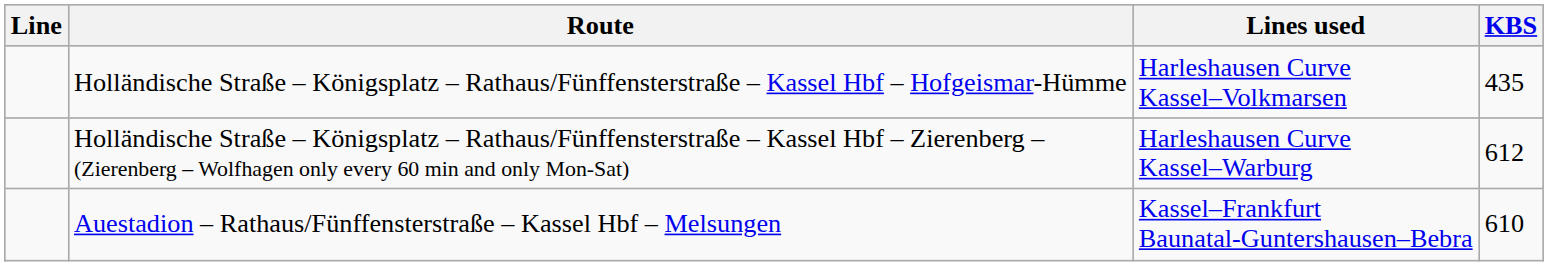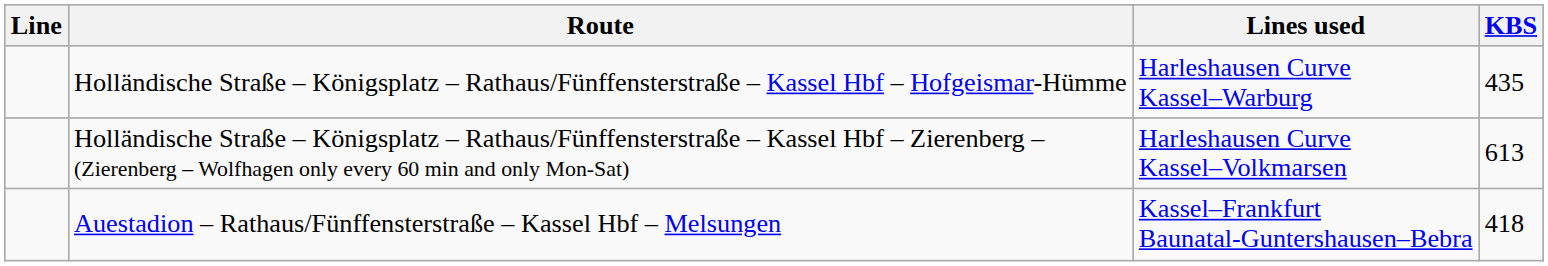 <table class="wikitable">
 <tr>
 <th>Line</th>
 <th>Route</th>
 <th>Lines used</th>
 <th><a href='#'>KBS</a></th>
 </tr>
 <tr>
 <td></td>
 <td>Holländische Straße – Königsplatz – Rathaus/Fünffensterstraße – <a href='#'>Kassel Hbf</a> – <a href='#'>Hofgeismar</a>-Hümme</td>
-<td><a href='#'>Harleshausen Curve</a><br><a href='#'>Kassel–Volkmarsen</a></td>
+<td><a href='#'>Harleshausen Curve</a><br><a href='#'>Kassel–Warburg</a></td>
 <td>435</td>
 </tr>
 <tr>
 <td></td>
 <td>Holländische Straße – Königsplatz – Rathaus/Fünffensterstraße – Kassel Hbf – Zierenberg – <br><small> (Zierenberg – Wolfhagen only every 60 min and only Mon-Sat)</small></td>
-<td><a href='#'>Harleshausen Curve</a><br><a href='#'>Kassel–Warburg</a></td>
-<td>612</td>
+<td><a href='#'>Harleshausen Curve</a><br><a href='#'>Kassel–Volkmarsen</a></td>
+<td>613</td>
 </tr>
 <tr>
 <td></td>
 <td><a href='#'>Auestadion</a> – Rathaus/Fünffensterstraße – Kassel Hbf – <a href='#'>Melsungen</a></td>
 <td><a href='#'>Kassel–Frankfurt</a><br><a href='#'>Baunatal-Guntershausen–Bebra</a></td>
-<td>610</td>
+<td>418</td>
 </tr>
 </table>
